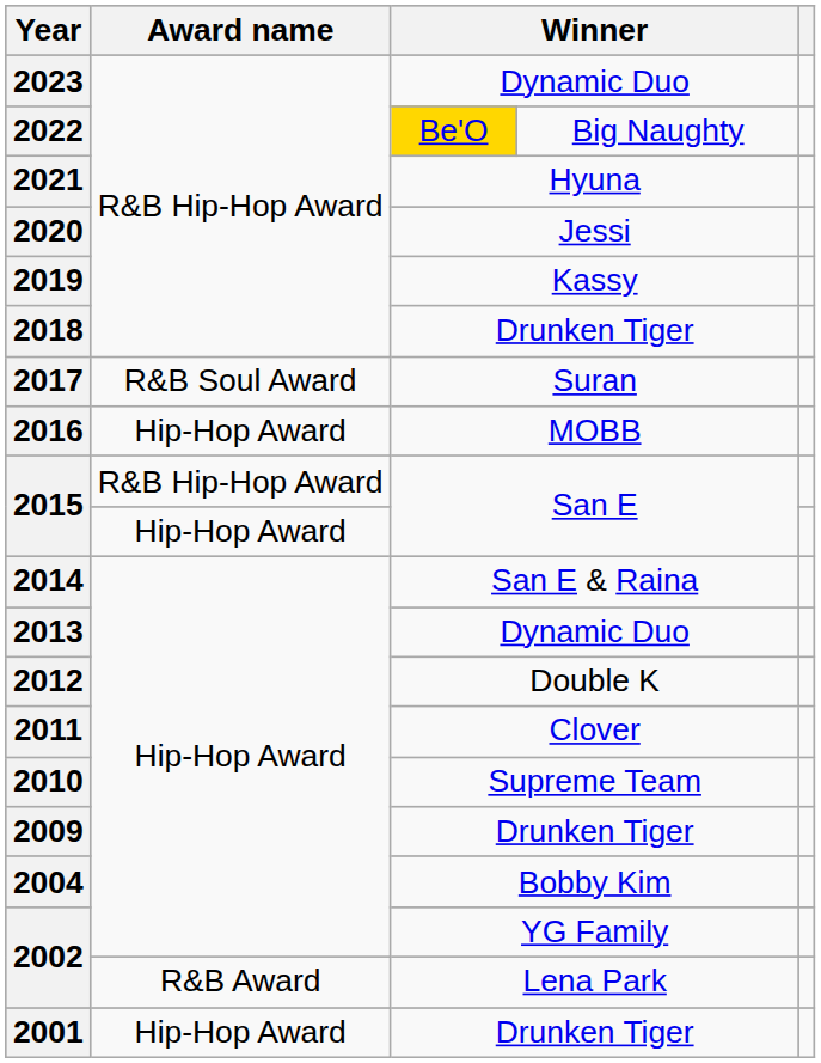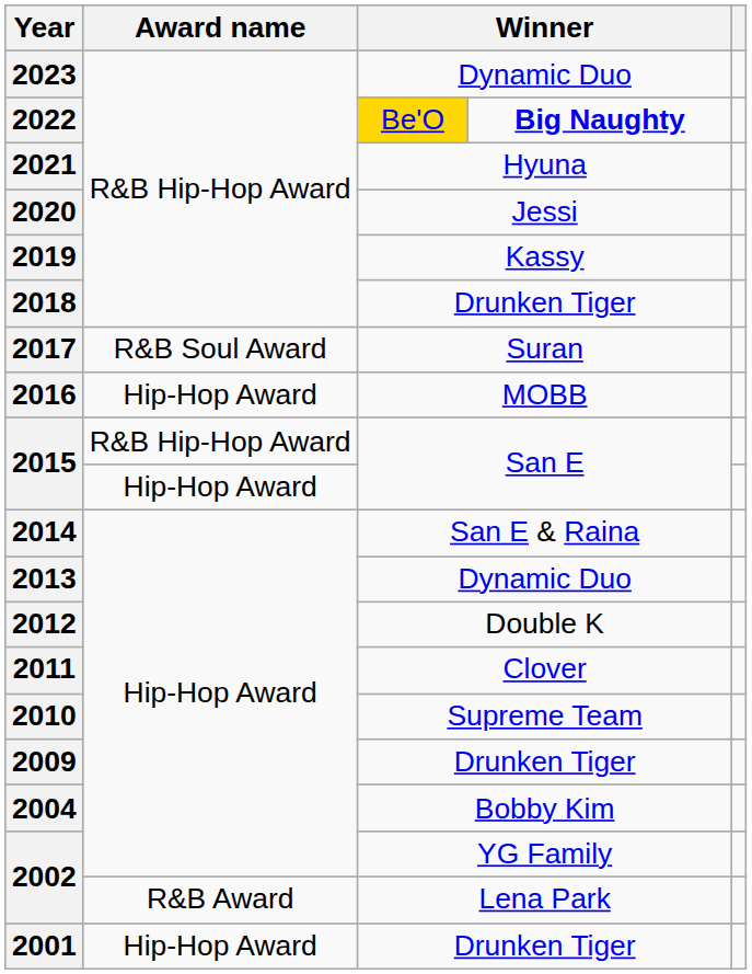 <table class="wikitable sortable plainrowheaders" style="text-align: center;">
 <tr>
 <th scope="col">Year</th>
 <th scope="col">Award name</th>
 <th scope="col" colspan="2" style="width:200px">Winner</th>
 <th class="unsortable" scope="col"></th>
 </tr>
 <tr>
 <th scope="row">2023</th>
 <td rowspan="6">R&B Hip-Hop Award</td>
 <td colspan="2"><a href='#'>Dynamic Duo</a></td>
 <td></td>
 </tr>
 <tr>
 <th scope="row">2022</th>
 <td style="background: gold;"><a href='#'>Be'O</a></td>
-<td><a href='#'>Big Naughty</a></td>
+<td><strong><a href='#'>Big Naughty</a></strong></td>
 <td></td>
 </tr>
 <tr>
 <th scope="row">2021</th>
 <td colspan="2"><a href='#'>Hyuna</a></td>
 <td></td>
 </tr>
 <tr>
 <th scope="row">2020</th>
 <td colspan="2"><a href='#'>Jessi</a></td>
 <td></td>
 </tr>
 <tr>
 <th scope="row">2019</th>
 <td colspan="2"><a href='#'>Kassy</a></td>
 <td></td>
 </tr>
 <tr>
 <th scope="row">2018</th>
 <td colspan="2"><a href='#'>Drunken Tiger</a></td>
 <td></td>
 </tr>
 <tr>
 <th scope="row">2017</th>
 <td>R&B Soul Award</td>
 <td colspan="2"><a href='#'>Suran</a></td>
 <td></td>
 </tr>
 <tr>
 <th scope="row">2016</th>
 <td>Hip-Hop Award</td>
 <td colspan="2"><a href='#'>MOBB</a></td>
 <td></td>
 </tr>
 <tr>
 <th rowspan="2" scope="row">2015</th>
 <td>R&B Hip-Hop Award</td>
 <td colspan="2" rowspan="2"><a href='#'>San E</a></td>
 <td></td>
 </tr>
 <tr>
 <td>Hip-Hop Award</td>
 <td></td>
 </tr>
 <tr>
 <th scope="row">2014</th>
 <td rowspan="8">Hip-Hop Award</td>
 <td colspan="2"><a href='#'>San E</a> & <a href='#'>Raina</a></td>
 <td></td>
 </tr>
 <tr>
 <th scope="row">2013</th>
 <td colspan="2"><a href='#'>Dynamic Duo</a></td>
 <td></td>
 </tr>
 <tr>
 <th scope="row">2012</th>
 <td colspan="2">Double K</td>
 <td></td>
 </tr>
 <tr>
 <th scope="row">2011</th>
 <td colspan="2"><a href='#'>Clover</a></td>
 <td></td>
 </tr>
 <tr>
 <th scope="row">2010</th>
 <td colspan="2"><a href='#'>Supreme Team</a></td>
 <td></td>
 </tr>
 <tr>
 <th scope="row">2009</th>
 <td colspan="2"><a href='#'>Drunken Tiger</a></td>
 <td></td>
 </tr>
 <tr>
 <th scope="row">2004</th>
 <td colspan="2"><a href='#'>Bobby Kim</a></td>
 <td></td>
 </tr>
 <tr>
 <th rowspan="2" scope="row">2002</th>
 <td colspan="2"><a href='#'>YG Family</a></td>
 <td></td>
 </tr>
 <tr>
 <td>R&B Award</td>
 <td colspan="2"><a href='#'>Lena Park</a></td>
 <td></td>
 </tr>
 <tr>
 <th scope="row">2001</th>
 <td>Hip-Hop Award</td>
 <td colspan="2"><a href='#'>Drunken Tiger</a></td>
 <td></td>
 </tr>
 </table>
